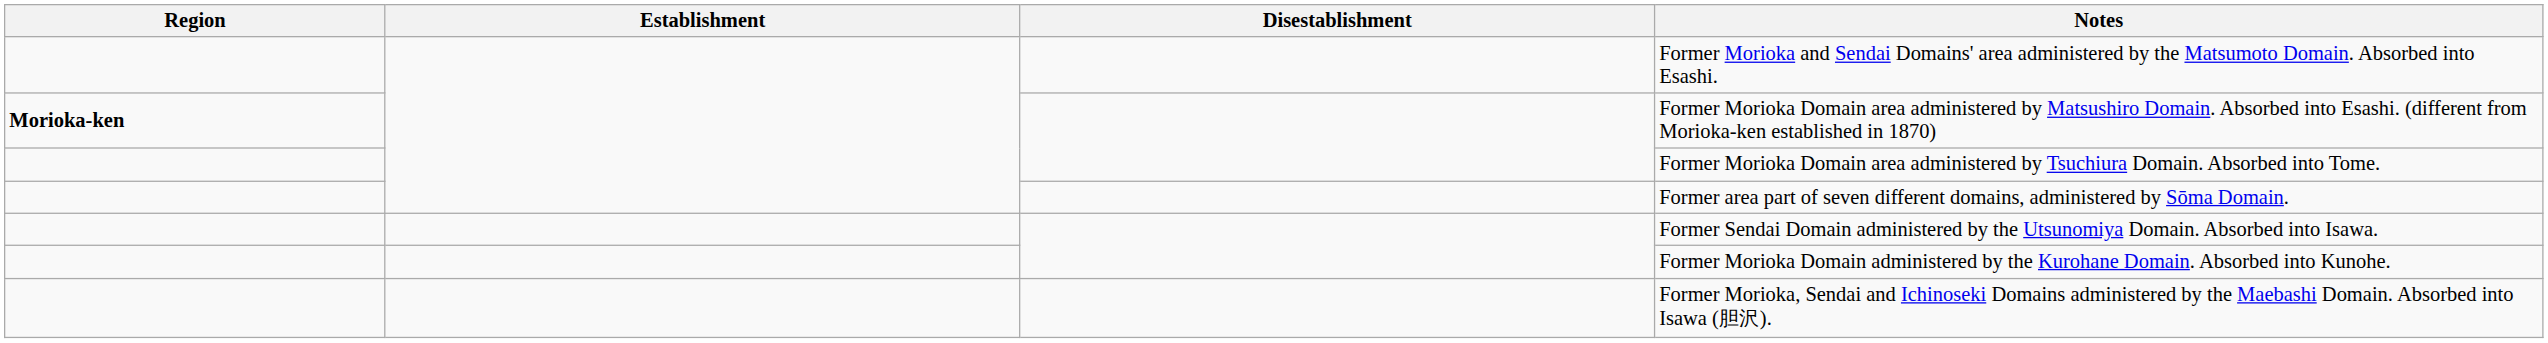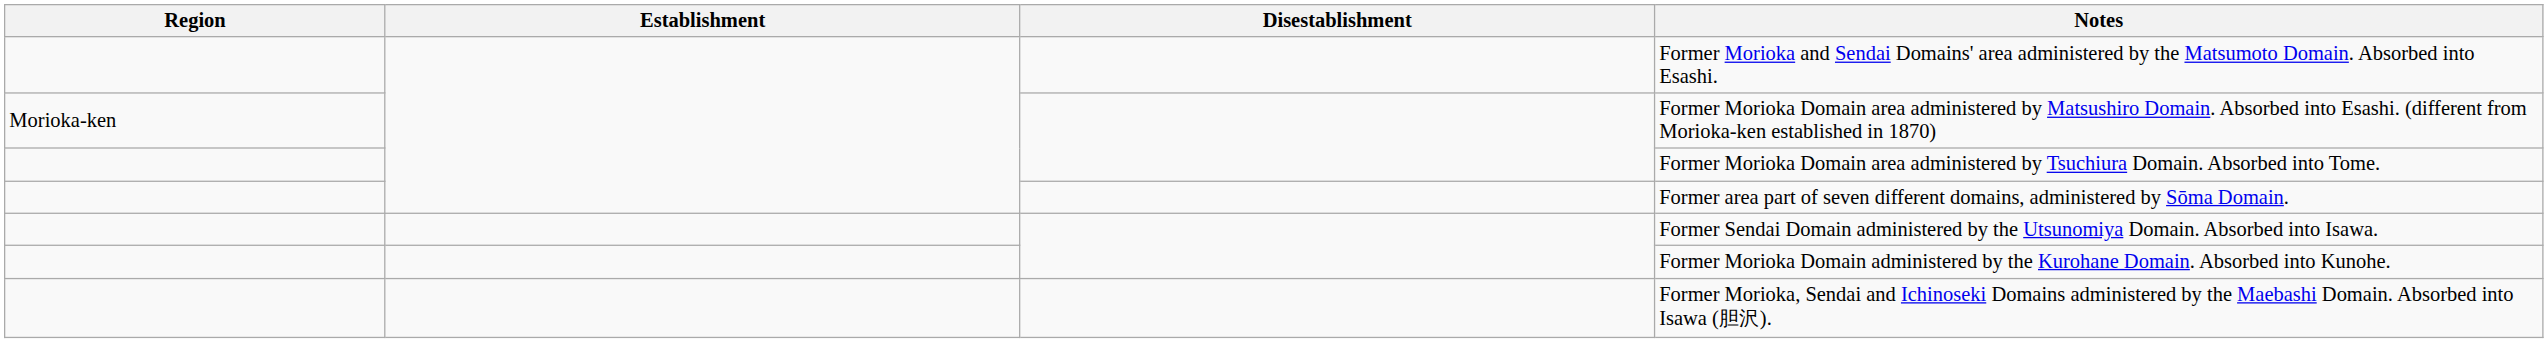 <table class="wikitable" style="width:100%">
 <tr>
 <th style="width:15%">Region</th>
 <th style="width:25%">Establishment</th>
 <th style="width:25%">Disestablishment</th>
 <th>Notes</th>
 </tr>
 <tr>
 <td></td>
 <td rowspan=4></td>
 <td></td>
 <td>Former <a href='#'>Morioka</a> and <a href='#'>Sendai</a> Domains' area administered by the <a href='#'>Matsumoto Domain</a>. Absorbed into Esashi.</td>
 </tr>
 <tr>
-<td><strong>Morioka-ken</strong></td>
+<td>Morioka-ken</td>
 <td rowspan=2></td>
 <td>Former Morioka Domain area administered by <a href='#'>Matsushiro Domain</a>. Absorbed into Esashi. (different from Morioka-ken established in 1870)</td>
 </tr>
 <tr>
 <td></td>
 <td>Former Morioka Domain area administered by <a href='#'>Tsuchiura</a> Domain. Absorbed into Tome.</td>
 </tr>
 <tr>
 <td></td>
 <td></td>
 <td>Former area part of seven different domains, administered by <a href='#'>Sōma Domain</a>.</td>
 </tr>
 <tr>
 <td></td>
 <td></td>
 <td rowspan=2></td>
 <td>Former Sendai Domain administered by the <a href='#'>Utsunomiya</a> Domain. Absorbed into Isawa.</td>
 </tr>
 <tr>
 <td></td>
 <td></td>
 <td>Former Morioka Domain administered by the <a href='#'>Kurohane Domain</a>. Absorbed into Kunohe.</td>
 </tr>
 <tr>
 <td></td>
 <td></td>
 <td></td>
 <td>Former Morioka, Sendai and <a href='#'>Ichinoseki</a> Domains administered by the <a href='#'>Maebashi</a> Domain. Absorbed into Isawa (胆沢).</td>
 </tr>
 </table>
